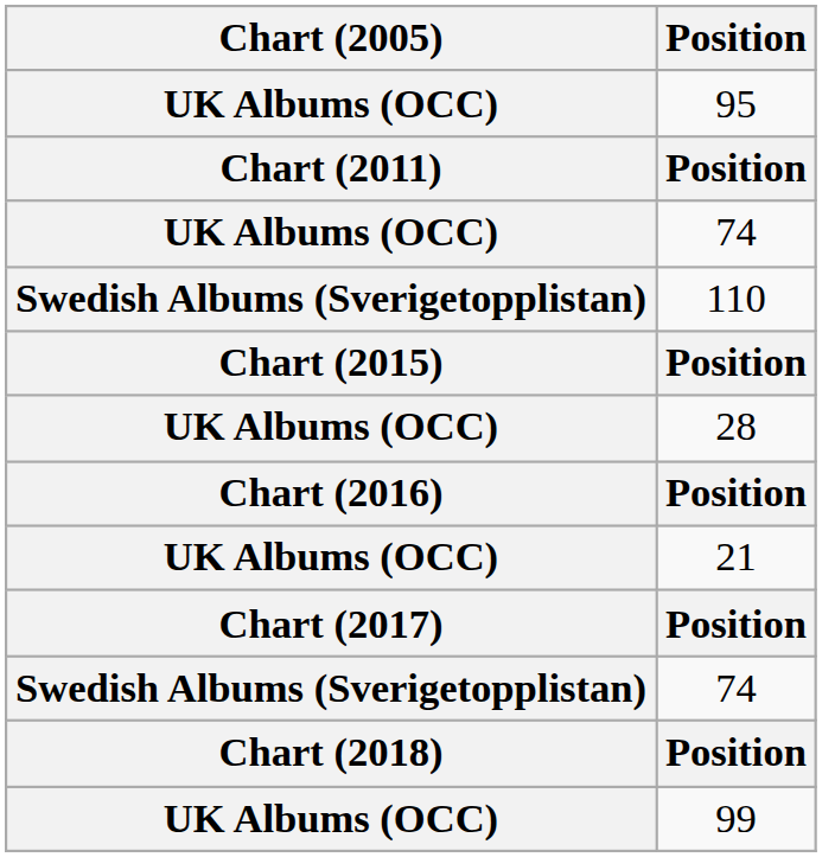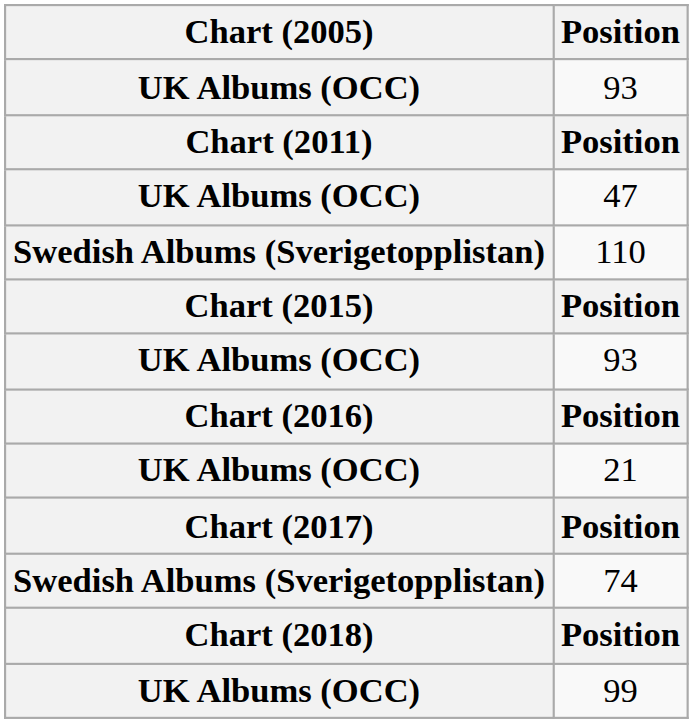 <table class="wikitable plainrowheaders" style="text-align:center">
 <tr>
 <th scope="col">Chart (2005)</th>
 <th scope="col">Position</th>
 </tr>
 <tr>
 <th scope="row">UK Albums (OCC)</th>
-<td>95</td>
+<td>93</td>
 </tr>
 <tr>
 <th scope="col">Chart (2011)</th>
 <th scope="col">Position</th>
 </tr>
 <tr>
 <th scope="row">UK Albums (OCC)</th>
-<td>74</td>
+<td>47</td>
 </tr>
 <tr>
 <th scope="row">Swedish Albums (Sverigetopplistan)</th>
 <td>110</td>
 </tr>
 <tr>
 <th scope="col">Chart (2015)</th>
 <th scope="col">Position</th>
 </tr>
 <tr>
 <th scope="row">UK Albums (OCC)</th>
-<td>28</td>
+<td>93</td>
 </tr>
 <tr>
 <th scope="col">Chart (2016)</th>
 <th scope="col">Position</th>
 </tr>
 <tr>
 <th scope="row">UK Albums (OCC)</th>
 <td>21</td>
 </tr>
 <tr>
 <th scope="col">Chart (2017)</th>
 <th scope="col">Position</th>
 </tr>
 <tr>
 <th scope="row">Swedish Albums (Sverigetopplistan)</th>
 <td>74</td>
 </tr>
 <tr>
 <th scope="col">Chart (2018)</th>
 <th scope="col">Position</th>
 </tr>
 <tr>
 <th scope="row">UK Albums (OCC)</th>
 <td>99</td>
 </tr>
 </table>
